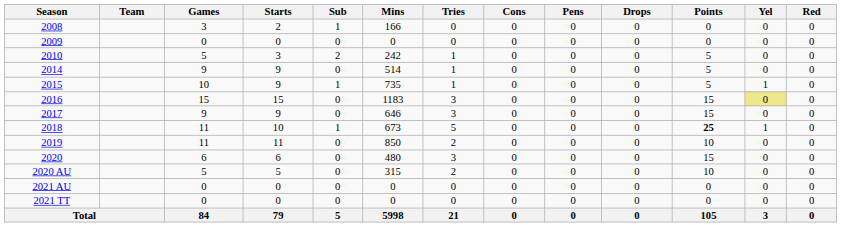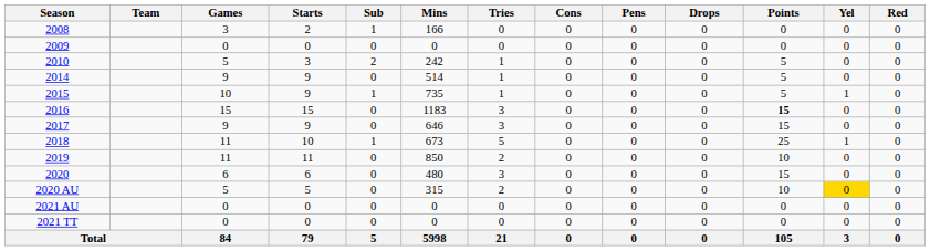 <table class="wikitable" style="text-align:center; line-height:90%; font-size:95%; width:60%;">
 <tr>
 <th>Season</th>
 <th>Team</th>
 <th>Games</th>
 <th>Starts</th>
 <th>Sub</th>
 <th>Mins</th>
 <th>Tries</th>
 <th>Cons</th>
 <th>Pens</th>
 <th>Drops</th>
 <th>Points</th>
 <th>Yel</th>
 <th>Red</th>
 </tr>
 <tr>
 <td><a href='#'>2008</a></td>
 <td></td>
 <td>3</td>
 <td>2</td>
 <td>1</td>
 <td>166</td>
 <td>0</td>
 <td>0</td>
 <td>0</td>
 <td>0</td>
 <td>0</td>
 <td>0</td>
 <td>0</td>
 </tr>
 <tr>
 <td><a href='#'>2009</a></td>
 <td></td>
 <td>0</td>
 <td>0</td>
 <td>0</td>
 <td>0</td>
 <td>0</td>
 <td>0</td>
 <td>0</td>
 <td>0</td>
 <td>0</td>
 <td>0</td>
 <td>0</td>
 </tr>
 <tr>
 <td><a href='#'>2010</a></td>
 <td></td>
 <td>5</td>
 <td>3</td>
 <td>2</td>
 <td>242</td>
 <td>1</td>
 <td>0</td>
 <td>0</td>
 <td>0</td>
 <td>5</td>
 <td>0</td>
 <td>0</td>
 </tr>
 <tr>
 <td><a href='#'>2014</a></td>
 <td></td>
 <td>9</td>
 <td>9</td>
 <td>0</td>
 <td>514</td>
 <td>1</td>
 <td>0</td>
 <td>0</td>
 <td>0</td>
 <td>5</td>
 <td>0</td>
 <td>0</td>
 </tr>
 <tr>
 <td><a href='#'>2015</a></td>
 <td></td>
 <td>10</td>
 <td>9</td>
 <td>1</td>
 <td>735</td>
 <td>1</td>
 <td>0</td>
 <td>0</td>
 <td>0</td>
 <td>5</td>
 <td>1</td>
 <td>0</td>
 </tr>
 <tr>
 <td><a href='#'>2016</a></td>
 <td></td>
 <td>15</td>
 <td>15</td>
 <td>0</td>
 <td>1183</td>
 <td>3</td>
 <td>0</td>
 <td>0</td>
 <td>0</td>
-<td>15</td>
-<td style="background: khaki;">0</td>
+<td><strong>15</strong></td>
+<td>0</td>
 <td>0</td>
 </tr>
 <tr>
 <td><a href='#'>2017</a></td>
 <td></td>
 <td>9</td>
 <td>9</td>
 <td>0</td>
 <td>646</td>
 <td>3</td>
 <td>0</td>
 <td>0</td>
 <td>0</td>
 <td>15</td>
 <td>0</td>
 <td>0</td>
 </tr>
 <tr>
 <td><a href='#'>2018</a></td>
 <td></td>
 <td>11</td>
 <td>10</td>
 <td>1</td>
 <td>673</td>
 <td>5</td>
 <td>0</td>
 <td>0</td>
 <td>0</td>
-<td><strong>25</strong></td>
+<td>25</td>
 <td>1</td>
 <td>0</td>
 </tr>
 <tr>
 <td><a href='#'>2019</a></td>
 <td></td>
 <td>11</td>
 <td>11</td>
 <td>0</td>
 <td>850</td>
 <td>2</td>
 <td>0</td>
 <td>0</td>
 <td>0</td>
 <td>10</td>
 <td>0</td>
 <td>0</td>
 </tr>
 <tr>
 <td><a href='#'>2020</a></td>
 <td></td>
 <td>6</td>
 <td>6</td>
 <td>0</td>
 <td>480</td>
 <td>3</td>
 <td>0</td>
 <td>0</td>
 <td>0</td>
 <td>15</td>
 <td>0</td>
 <td>0</td>
 </tr>
 <tr>
 <td><a href='#'>2020 AU</a></td>
 <td></td>
 <td>5</td>
 <td>5</td>
 <td>0</td>
 <td>315</td>
 <td>2</td>
 <td>0</td>
 <td>0</td>
 <td>0</td>
 <td>10</td>
-<td>0</td>
+<td style="background: gold;">0</td>
 <td>0</td>
 </tr>
 <tr>
 <td><a href='#'>2021 AU</a></td>
 <td></td>
 <td>0</td>
 <td>0</td>
 <td>0</td>
 <td>0</td>
 <td>0</td>
 <td>0</td>
 <td>0</td>
 <td>0</td>
 <td>0</td>
 <td>0</td>
 <td>0</td>
 </tr>
 <tr>
 <td><a href='#'>2021 TT</a></td>
 <td></td>
 <td>0</td>
 <td>0</td>
 <td>0</td>
 <td>0</td>
 <td>0</td>
 <td>0</td>
 <td>0</td>
 <td>0</td>
 <td>0</td>
 <td>0</td>
 <td>0</td>
 </tr>
 <tr>
 <th colspan="2">Total</th>
 <th>84</th>
 <th>79</th>
 <th>5</th>
 <th>5998</th>
 <th>21</th>
 <th>0</th>
 <th>0</th>
 <th>0</th>
 <th>105</th>
 <th>3</th>
 <th>0</th>
 </tr>
 </table>
